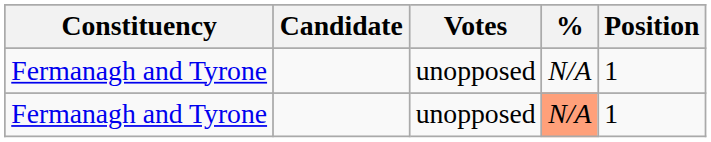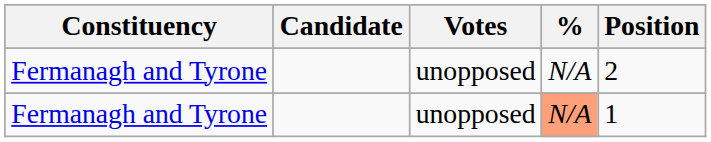 <table class="wikitable sortable">
 <tr>
 <th>Constituency</th>
 <th>Candidate</th>
 <th>Votes</th>
 <th>%</th>
 <th>Position</th>
 </tr>
 <tr>
 <td><a href='#'>Fermanagh and Tyrone</a></td>
 <td></td>
 <td>unopposed</td>
 <td><em>N/A</em></td>
-<td>1</td>
+<td>2</td>
 </tr>
 <tr>
 <td><a href='#'>Fermanagh and Tyrone</a></td>
 <td></td>
 <td>unopposed</td>
 <td style="background: lightsalmon;"><em>N/A</em></td>
 <td>1</td>
 </tr>
 </table>
